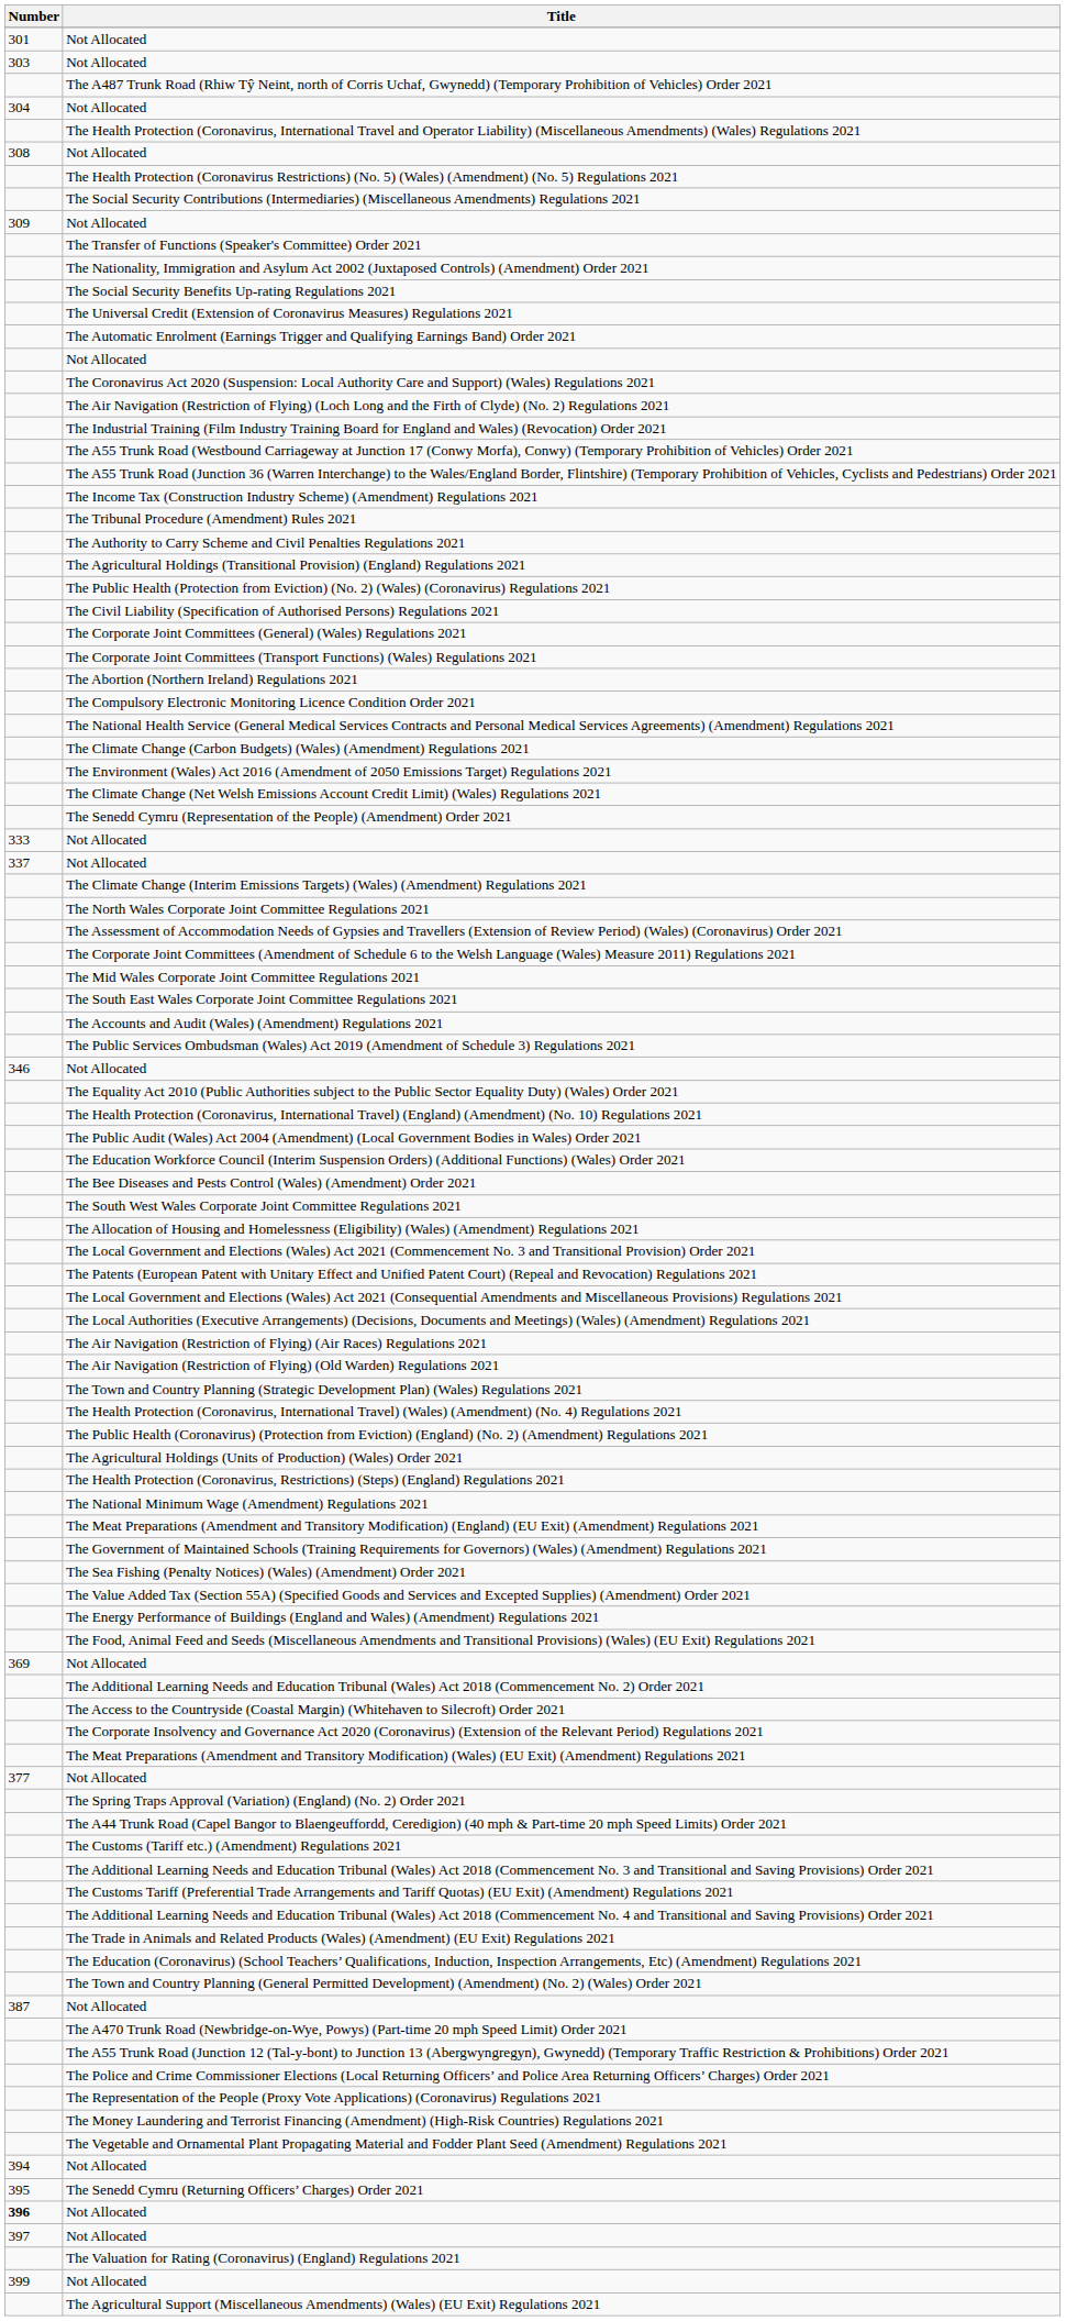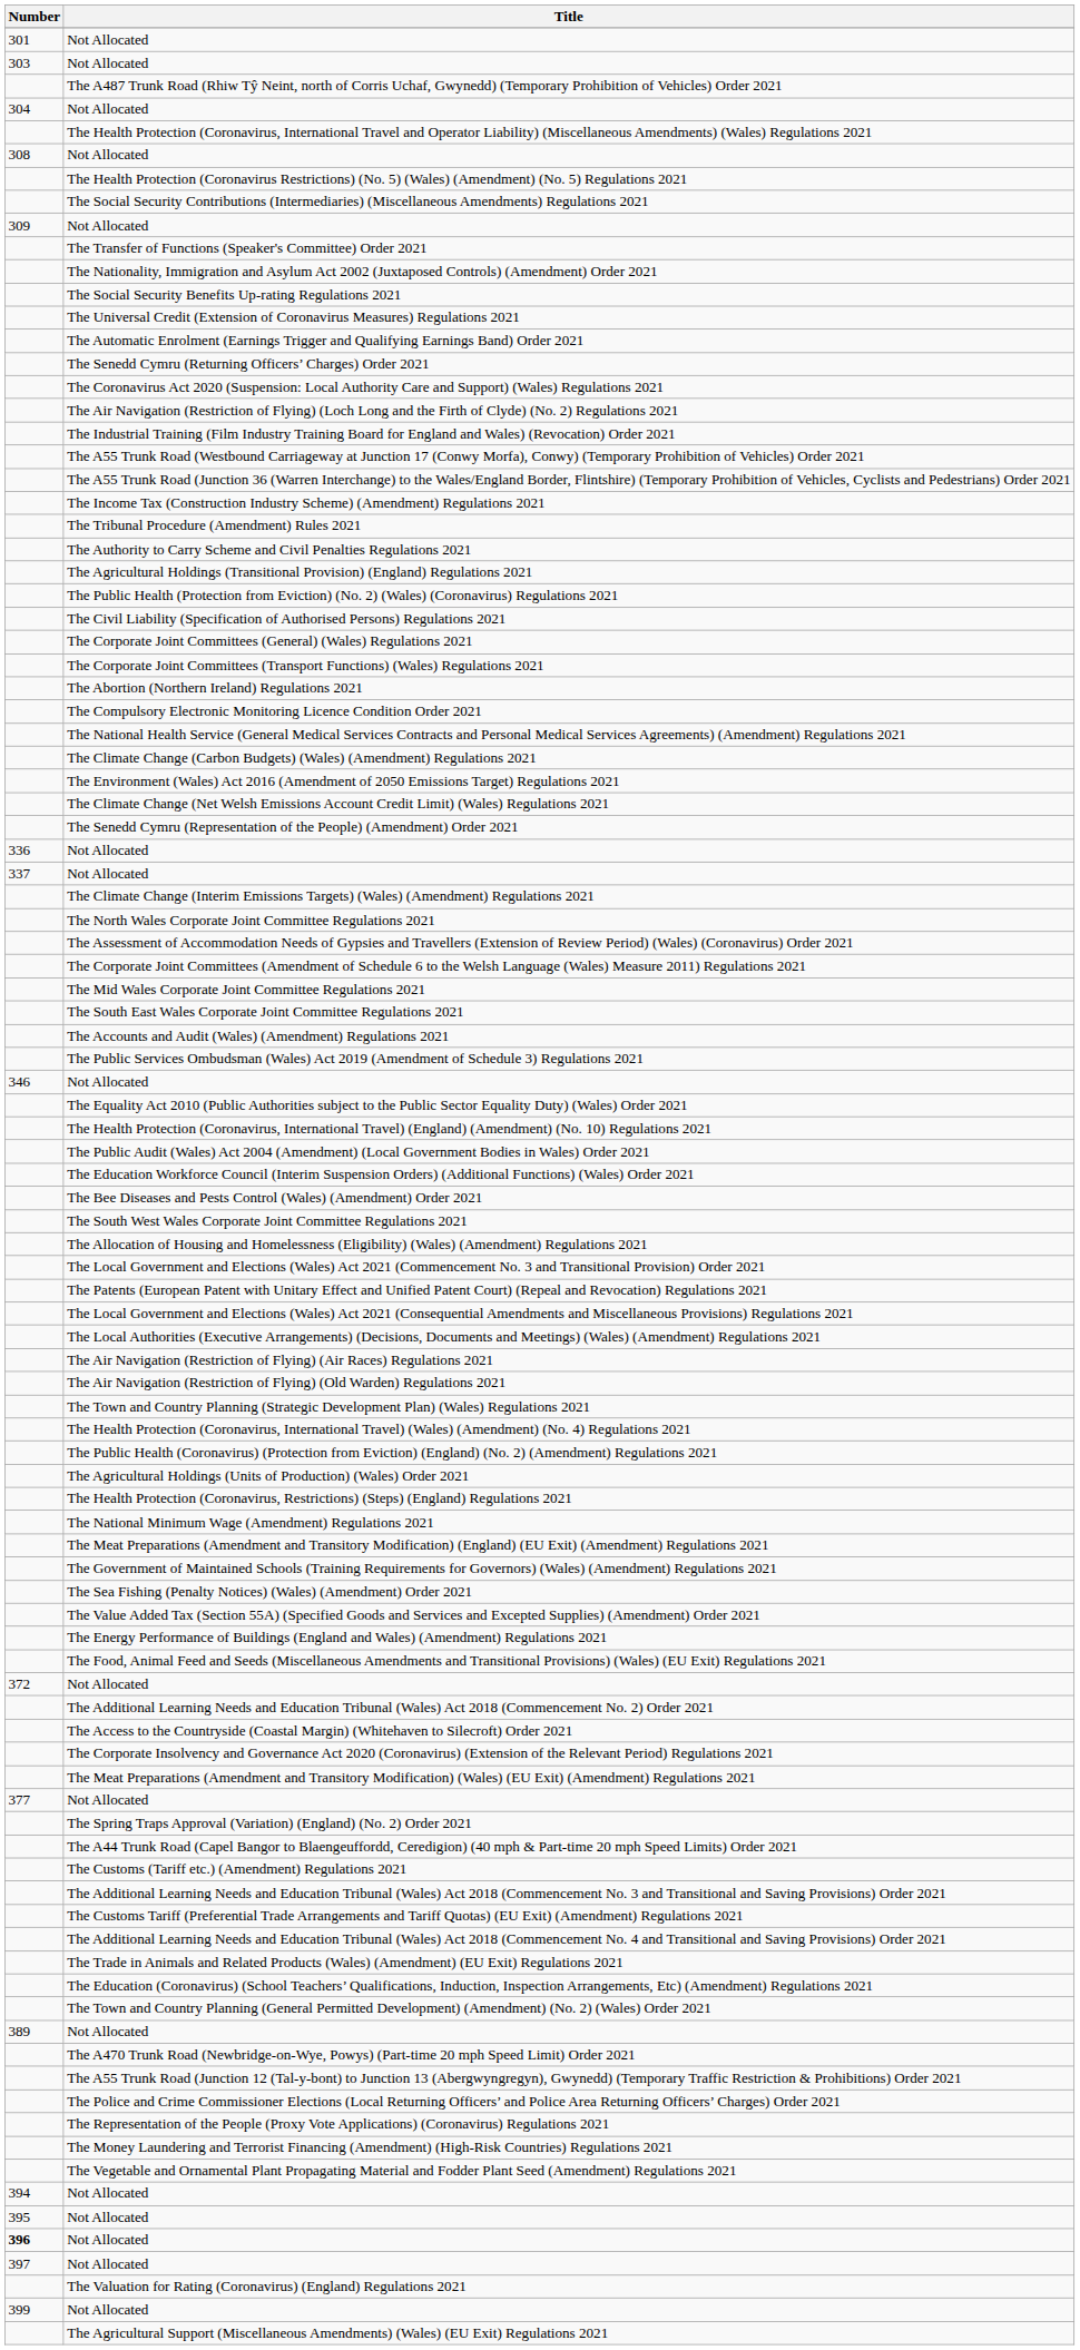 <table class="wikitable collapsible">
 <tr>
 <th>Number</th>
 <th>Title</th>
 </tr>
 <tr>
 </tr>
 <tr>
 <td>301</td>
 <td>Not Allocated</td>
 </tr>
 <tr>
 <td>303</td>
 <td>Not Allocated</td>
 </tr>
 <tr>
 <td></td>
 <td>The A487 Trunk Road (Rhiw Tŷ Neint, north of Corris Uchaf, Gwynedd) (Temporary Prohibition of Vehicles) Order 2021</td>
 </tr>
 <tr>
 <td>304</td>
 <td>Not Allocated</td>
 </tr>
 <tr>
 <td></td>
 <td>The Health Protection (Coronavirus, International Travel and Operator Liability) (Miscellaneous Amendments) (Wales) Regulations 2021</td>
 </tr>
 <tr>
 <td>308</td>
 <td>Not Allocated</td>
 </tr>
 <tr>
 <td></td>
 <td>The Health Protection (Coronavirus Restrictions) (No. 5) (Wales) (Amendment) (No. 5) Regulations 2021</td>
 </tr>
 <tr>
 <td></td>
 <td>The Social Security Contributions (Intermediaries) (Miscellaneous Amendments) Regulations 2021</td>
 </tr>
 <tr>
 <td>309</td>
 <td>Not Allocated</td>
 </tr>
 <tr>
 <td></td>
 <td>The Transfer of Functions (Speaker's Committee) Order 2021</td>
 </tr>
 <tr>
 <td></td>
 <td>The Nationality, Immigration and Asylum Act 2002 (Juxtaposed Controls) (Amendment) Order 2021</td>
 </tr>
 <tr>
 <td></td>
 <td>The Social Security Benefits Up-rating Regulations 2021</td>
 </tr>
 <tr>
 <td></td>
 <td>The Universal Credit (Extension of Coronavirus Measures) Regulations 2021</td>
 </tr>
 <tr>
 <td></td>
 <td>The Automatic Enrolment (Earnings Trigger and Qualifying Earnings Band) Order 2021</td>
 </tr>
 <tr>
 <td></td>
-<td>Not Allocated</td>
+<td>The Senedd Cymru (Returning Officers’ Charges) Order 2021</td>
 </tr>
 <tr>
 <td></td>
 <td>The Coronavirus Act 2020 (Suspension: Local Authority Care and Support) (Wales) Regulations 2021</td>
 </tr>
 <tr>
 <td></td>
 <td>The Air Navigation (Restriction of Flying) (Loch Long and the Firth of Clyde) (No. 2) Regulations 2021</td>
 </tr>
 <tr>
 <td></td>
 <td>The Industrial Training (Film Industry Training Board for England and Wales) (Revocation) Order 2021</td>
 </tr>
 <tr>
 <td></td>
 <td>The A55 Trunk Road (Westbound Carriageway at Junction 17 (Conwy Morfa), Conwy) (Temporary Prohibition of Vehicles) Order 2021</td>
 </tr>
 <tr>
 <td></td>
 <td>The A55 Trunk Road (Junction 36 (Warren Interchange) to the Wales/England Border, Flintshire) (Temporary Prohibition of Vehicles, Cyclists and Pedestrians) Order 2021</td>
 </tr>
 <tr>
 <td></td>
 <td>The Income Tax (Construction Industry Scheme) (Amendment) Regulations 2021</td>
 </tr>
 <tr>
 <td></td>
 <td>The Tribunal Procedure (Amendment) Rules 2021</td>
 </tr>
 <tr>
 <td></td>
 <td>The Authority to Carry Scheme and Civil Penalties Regulations 2021</td>
 </tr>
 <tr>
 <td></td>
 <td>The Agricultural Holdings (Transitional Provision) (England) Regulations 2021</td>
 </tr>
 <tr>
 <td></td>
 <td>The Public Health (Protection from Eviction) (No. 2) (Wales) (Coronavirus) Regulations 2021</td>
 </tr>
 <tr>
 <td></td>
 <td>The Civil Liability (Specification of Authorised Persons) Regulations 2021</td>
 </tr>
 <tr>
 <td></td>
 <td>The Corporate Joint Committees (General) (Wales) Regulations 2021</td>
 </tr>
 <tr>
 <td></td>
 <td>The Corporate Joint Committees (Transport Functions) (Wales) Regulations 2021</td>
 </tr>
 <tr>
 <td></td>
 <td>The Abortion (Northern Ireland) Regulations 2021</td>
 </tr>
 <tr>
 <td></td>
 <td>The Compulsory Electronic Monitoring Licence Condition Order 2021</td>
 </tr>
 <tr>
 <td></td>
 <td>The National Health Service (General Medical Services Contracts and Personal Medical Services Agreements) (Amendment) Regulations 2021</td>
 </tr>
 <tr>
 <td></td>
 <td>The Climate Change (Carbon Budgets) (Wales) (Amendment) Regulations 2021</td>
 </tr>
 <tr>
 <td></td>
 <td>The Environment (Wales) Act 2016 (Amendment of 2050 Emissions Target) Regulations 2021</td>
 </tr>
 <tr>
 <td></td>
 <td>The Climate Change (Net Welsh Emissions Account Credit Limit) (Wales) Regulations 2021</td>
 </tr>
 <tr>
 <td></td>
 <td>The Senedd Cymru (Representation of the People) (Amendment) Order 2021</td>
 </tr>
 <tr>
-<td>333</td>
+<td>336</td>
 <td>Not Allocated</td>
 </tr>
 <tr>
 <td>337</td>
 <td>Not Allocated</td>
 </tr>
 <tr>
 <td></td>
 <td>The Climate Change (Interim Emissions Targets) (Wales) (Amendment) Regulations 2021</td>
 </tr>
 <tr>
 <td></td>
 <td>The North Wales Corporate Joint Committee Regulations 2021</td>
 </tr>
 <tr>
 <td></td>
 <td>The Assessment of Accommodation Needs of Gypsies and Travellers (Extension of Review Period) (Wales) (Coronavirus) Order 2021</td>
 </tr>
 <tr>
 <td></td>
 <td>The Corporate Joint Committees (Amendment of Schedule 6 to the Welsh Language (Wales) Measure 2011) Regulations 2021</td>
 </tr>
 <tr>
 <td></td>
 <td>The Mid Wales Corporate Joint Committee Regulations 2021</td>
 </tr>
 <tr>
 <td></td>
 <td>The South East Wales Corporate Joint Committee Regulations 2021</td>
 </tr>
 <tr>
 <td></td>
 <td>The Accounts and Audit (Wales) (Amendment) Regulations 2021</td>
 </tr>
 <tr>
 <td></td>
 <td>The Public Services Ombudsman (Wales) Act 2019 (Amendment of Schedule 3) Regulations 2021</td>
 </tr>
 <tr>
 <td>346</td>
 <td>Not Allocated</td>
 </tr>
 <tr>
 <td></td>
 <td>The Equality Act 2010 (Public Authorities subject to the Public Sector Equality Duty) (Wales) Order 2021</td>
 </tr>
 <tr>
 <td></td>
 <td>The Health Protection (Coronavirus, International Travel) (England) (Amendment) (No. 10) Regulations 2021</td>
 </tr>
 <tr>
 <td></td>
 <td>The Public Audit (Wales) Act 2004 (Amendment) (Local Government Bodies in Wales) Order 2021</td>
 </tr>
 <tr>
 <td></td>
 <td>The Education Workforce Council (Interim Suspension Orders) (Additional Functions) (Wales) Order 2021</td>
 </tr>
 <tr>
 <td></td>
 <td>The Bee Diseases and Pests Control (Wales) (Amendment) Order 2021</td>
 </tr>
 <tr>
 <td></td>
 <td>The South West Wales Corporate Joint Committee Regulations 2021</td>
 </tr>
 <tr>
 <td></td>
 <td>The Allocation of Housing and Homelessness (Eligibility) (Wales) (Amendment) Regulations 2021</td>
 </tr>
 <tr>
 <td></td>
 <td>The Local Government and Elections (Wales) Act 2021 (Commencement No. 3 and Transitional Provision) Order 2021</td>
 </tr>
 <tr>
 <td></td>
 <td>The Patents (European Patent with Unitary Effect and Unified Patent Court) (Repeal and Revocation) Regulations 2021</td>
 </tr>
 <tr>
 <td></td>
 <td>The Local Government and Elections (Wales) Act 2021 (Consequential Amendments and Miscellaneous Provisions) Regulations 2021</td>
 </tr>
 <tr>
 <td></td>
 <td>The Local Authorities (Executive Arrangements) (Decisions, Documents and Meetings) (Wales) (Amendment) Regulations 2021</td>
 </tr>
 <tr>
 <td></td>
 <td>The Air Navigation (Restriction of Flying) (Air Races) Regulations 2021</td>
 </tr>
 <tr>
 <td></td>
 <td>The Air Navigation (Restriction of Flying) (Old Warden) Regulations 2021</td>
 </tr>
 <tr>
 <td></td>
 <td>The Town and Country Planning (Strategic Development Plan) (Wales) Regulations 2021</td>
 </tr>
 <tr>
 <td></td>
 <td>The Health Protection (Coronavirus, International Travel) (Wales) (Amendment) (No. 4) Regulations 2021</td>
 </tr>
 <tr>
 <td></td>
 <td>The Public Health (Coronavirus) (Protection from Eviction) (England) (No. 2) (Amendment) Regulations 2021</td>
 </tr>
 <tr>
 <td></td>
 <td>The Agricultural Holdings (Units of Production) (Wales) Order 2021</td>
 </tr>
 <tr>
 <td></td>
 <td>The Health Protection (Coronavirus, Restrictions) (Steps) (England) Regulations 2021</td>
 </tr>
 <tr>
 <td></td>
 <td>The National Minimum Wage (Amendment) Regulations 2021</td>
 </tr>
 <tr>
 <td></td>
 <td>The Meat Preparations (Amendment and Transitory Modification) (England) (EU Exit) (Amendment) Regulations 2021</td>
 </tr>
 <tr>
 <td></td>
 <td>The Government of Maintained Schools (Training Requirements for Governors) (Wales) (Amendment) Regulations 2021</td>
 </tr>
 <tr>
 <td></td>
 <td>The Sea Fishing (Penalty Notices) (Wales) (Amendment) Order 2021</td>
 </tr>
 <tr>
 <td></td>
 <td>The Value Added Tax (Section 55A) (Specified Goods and Services and Excepted Supplies) (Amendment) Order 2021</td>
 </tr>
 <tr>
 <td></td>
 <td>The Energy Performance of Buildings (England and Wales) (Amendment) Regulations 2021</td>
 </tr>
 <tr>
 <td></td>
 <td>The Food, Animal Feed and Seeds (Miscellaneous Amendments and Transitional Provisions) (Wales) (EU Exit) Regulations 2021</td>
 </tr>
 <tr>
-<td>369</td>
+<td>372</td>
 <td>Not Allocated</td>
 </tr>
 <tr>
 <td></td>
 <td>The Additional Learning Needs and Education Tribunal (Wales) Act 2018 (Commencement No. 2) Order 2021</td>
 </tr>
 <tr>
 <td></td>
 <td>The Access to the Countryside (Coastal Margin) (Whitehaven to Silecroft) Order 2021</td>
 </tr>
 <tr>
 <td></td>
 <td>The Corporate Insolvency and Governance Act 2020 (Coronavirus) (Extension of the Relevant Period) Regulations 2021</td>
 </tr>
 <tr>
 <td></td>
 <td>The Meat Preparations (Amendment and Transitory Modification) (Wales) (EU Exit) (Amendment) Regulations 2021</td>
 </tr>
 <tr>
 <td>377</td>
 <td>Not Allocated</td>
 </tr>
 <tr>
 <td></td>
 <td>The Spring Traps Approval (Variation) (England) (No. 2) Order 2021</td>
 </tr>
 <tr>
 <td></td>
 <td>The A44 Trunk Road (Capel Bangor to Blaengeuffordd, Ceredigion) (40 mph & Part-time 20 mph Speed Limits) Order 2021</td>
 </tr>
 <tr>
 <td></td>
 <td>The Customs (Tariff etc.) (Amendment) Regulations 2021</td>
 </tr>
 <tr>
 <td></td>
 <td>The Additional Learning Needs and Education Tribunal (Wales) Act 2018 (Commencement No. 3 and Transitional and Saving Provisions) Order 2021</td>
 </tr>
 <tr>
 <td></td>
 <td>The Customs Tariff (Preferential Trade Arrangements and Tariff Quotas) (EU Exit) (Amendment) Regulations 2021</td>
 </tr>
 <tr>
 <td></td>
 <td>The Additional Learning Needs and Education Tribunal (Wales) Act 2018 (Commencement No. 4 and Transitional and Saving Provisions) Order 2021</td>
 </tr>
 <tr>
 <td></td>
 <td>The Trade in Animals and Related Products (Wales) (Amendment) (EU Exit) Regulations 2021</td>
 </tr>
 <tr>
 <td></td>
 <td>The Education (Coronavirus) (School Teachers’ Qualifications, Induction, Inspection Arrangements, Etc) (Amendment) Regulations 2021</td>
 </tr>
 <tr>
 <td></td>
 <td>The Town and Country Planning (General Permitted Development) (Amendment) (No. 2) (Wales) Order 2021</td>
 </tr>
 <tr>
-<td>387</td>
+<td>389</td>
 <td>Not Allocated</td>
 </tr>
 <tr>
 <td></td>
 <td>The A470 Trunk Road (Newbridge-on-Wye, Powys) (Part-time 20 mph Speed Limit) Order 2021</td>
 </tr>
 <tr>
 <td></td>
 <td>The A55 Trunk Road (Junction 12 (Tal-y-bont) to Junction 13 (Abergwyngregyn), Gwynedd) (Temporary Traffic Restriction & Prohibitions) Order 2021</td>
 </tr>
 <tr>
 <td></td>
 <td>The Police and Crime Commissioner Elections (Local Returning Officers’ and Police Area Returning Officers’ Charges) Order 2021</td>
 </tr>
 <tr>
 <td></td>
 <td>The Representation of the People (Proxy Vote Applications) (Coronavirus) Regulations 2021</td>
 </tr>
 <tr>
 <td></td>
 <td>The Money Laundering and Terrorist Financing (Amendment) (High-Risk Countries) Regulations 2021</td>
 </tr>
 <tr>
 <td></td>
 <td>The Vegetable and Ornamental Plant Propagating Material and Fodder Plant Seed (Amendment) Regulations 2021</td>
 </tr>
 <tr>
 <td>394</td>
 <td>Not Allocated</td>
 </tr>
 <tr>
 <td>395</td>
-<td>The Senedd Cymru (Returning Officers’ Charges) Order 2021</td>
+<td>Not Allocated</td>
 </tr>
 <tr>
 <td><strong>396</strong></td>
 <td>Not Allocated</td>
 </tr>
 <tr>
 <td>397</td>
 <td>Not Allocated</td>
 </tr>
 <tr>
 <td></td>
 <td>The Valuation for Rating (Coronavirus) (England) Regulations 2021</td>
 </tr>
 <tr>
 <td>399</td>
 <td>Not Allocated</td>
 </tr>
 <tr>
 <td></td>
 <td>The Agricultural Support (Miscellaneous Amendments) (Wales) (EU Exit) Regulations 2021<br></td>
 </tr>
 </table>
